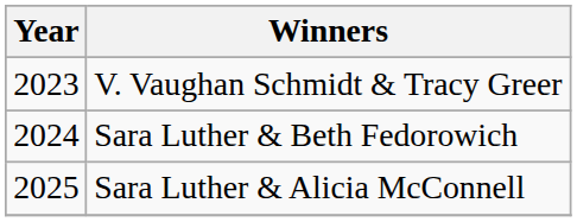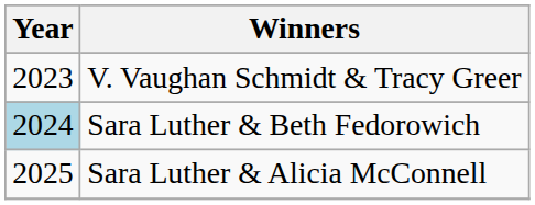 <table class="wikitable">
 <tr>
 <th>Year</th>
 <th>Winners</th>
 </tr>
 <tr>
 <td>2023</td>
 <td>V. Vaughan Schmidt & Tracy Greer</td>
 </tr>
 <tr>
-<td>2024</td>
+<td style="background: lightblue;">2024</td>
 <td>Sara Luther & Beth Fedorowich</td>
 </tr>
 <tr>
 <td>2025</td>
 <td>Sara Luther & Alicia McConnell</td>
 </tr>
 <tr>
 </tr>
 </table>
